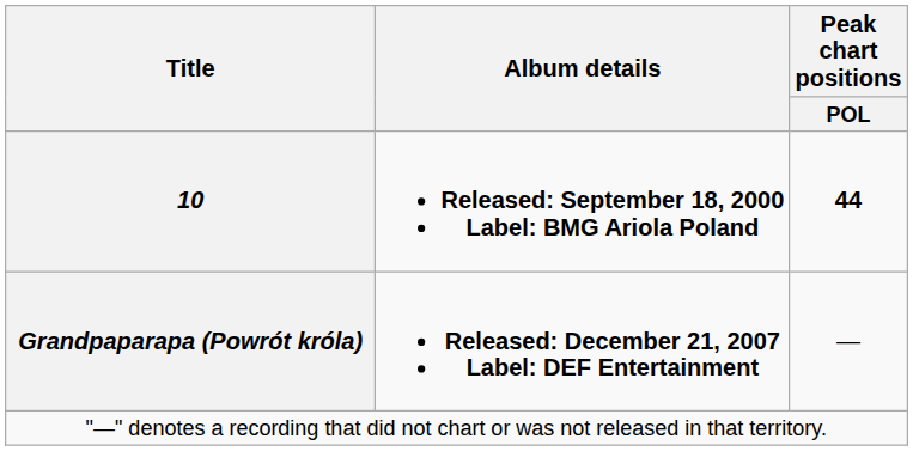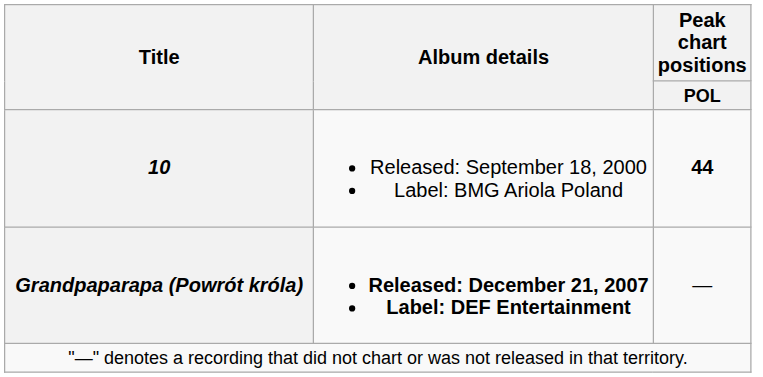 <table class="wikitable plainrowheaders" style="text-align:center;">
 <tr>
 <th scope="col" rowspan="2" style="width:15em;">Title</th>
 <th scope="col" rowspan="2">Album details</th>
 <th scope="col" colspan="1">Peak chart positions</th>
 </tr>
 <tr>
 <th scope="col" style="width:3em;font-size:90%;">POL<br></th>
 </tr>
 <tr>
 <th scope="row"><em>10</em></th>
-<td><strong><br><ul><li>Released: September 18, 2000</li><li>Label: BMG Ariola Poland</li></ul></strong></td>
+<td><br><ul><li>Released: September 18, 2000</li><li>Label: BMG Ariola Poland</li></ul></td>
 <td><strong>44</strong></td>
 </tr>
 <tr>
 <th scope="row"><em>Grandpaparapa (Powrót króla)</em></th>
 <td><strong><br><ul><li>Released: December 21, 2007</li><li>Label: DEF Entertainment</li></ul></strong></td>
 <td>—</td>
 </tr>
 <tr>
 <td colspan="20" style="font-size:90%">"—" denotes a recording that did not chart or was not released in that territory.</td>
 </tr>
 </table>
